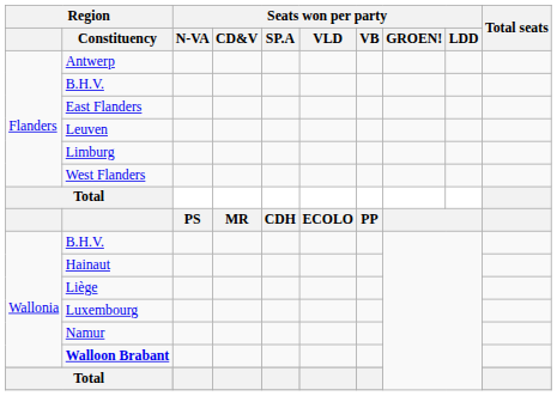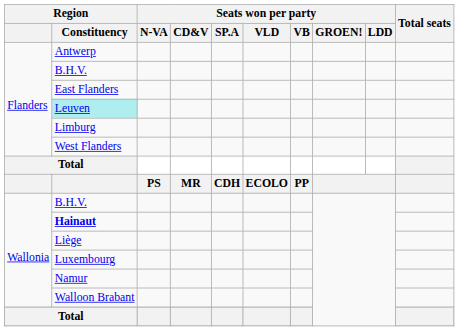 <table class=wikitable style="text-align:center; font-size:93%">
 <tr>
 <th colspan=2>Region</th>
 <th colspan=7>Seats won per party</th>
 <th rowspan=2>Total seats</th>
 </tr>
 <tr>
 <th></th>
 <th>Constituency</th>
 <th>N-VA</th>
 <th>CD&V</th>
 <th>SP.A</th>
 <th>VLD</th>
 <th>VB</th>
 <th>GROEN!</th>
 <th>LDD</th>
 </tr>
 <tr>
 <td align=left rowspan=6><br><a href='#'>Flanders</a></td>
 <td align=left> <a href='#'>Antwerp</a></td>
 <td></td>
 <td></td>
 <td></td>
 <td></td>
 <td></td>
 <td></td>
 <td></td>
 <td></td>
 </tr>
 <tr>
 <td align=left> <a href='#'>B.H.V.</a></td>
 <td></td>
 <td></td>
 <td></td>
 <td></td>
 <td></td>
 <td></td>
 <td></td>
 <td></td>
 </tr>
 <tr>
 <td align=left> <a href='#'>East Flanders</a></td>
 <td></td>
 <td></td>
 <td></td>
 <td></td>
 <td></td>
 <td></td>
 <td></td>
 <td></td>
 </tr>
 <tr>
-<td align=left> <a href='#'>Leuven</a></td>
+<td align=left style="background: paleturquoise;"> <a href='#'>Leuven</a></td>
 <td></td>
 <td></td>
 <td></td>
 <td></td>
 <td></td>
 <td></td>
 <td></td>
 <td></td>
 </tr>
 <tr>
 <td align=left> <a href='#'>Limburg</a></td>
 <td></td>
 <td></td>
 <td></td>
 <td></td>
 <td></td>
 <td></td>
 <td></td>
 <td></td>
 </tr>
 <tr>
 <td align=left> <a href='#'>West Flanders</a></td>
 <td></td>
 <td></td>
 <td></td>
 <td></td>
 <td></td>
 <td></td>
 <td></td>
 <td></td>
 </tr>
 <tr bgcolor="white">
 <th colspan=2>Total</th>
 <td></td>
 <td></td>
 <td></td>
 <td></td>
 <td></td>
 <td></td>
 <td></td>
 <th></th>
 </tr>
 <tr>
 <th></th>
 <th></th>
 <th>PS</th>
 <th>MR</th>
 <th>CDH</th>
 <th>ECOLO</th>
 <th>PP</th>
 <th colspan=2></th>
 <th></th>
 </tr>
 <tr>
 <td align=left rowspan=6><br><a href='#'>Wallonia</a></td>
 <td align=left> <a href='#'>B.H.V.</a></td>
 <td></td>
 <td></td>
 <td></td>
 <td></td>
 <td></td>
 <td colspan=2 rowspan=7></td>
 <td></td>
 </tr>
 <tr>
-<td align=left> <a href='#'>Hainaut</a></td>
+<td align=left><strong> <a href='#'>Hainaut</a></strong></td>
 <td></td>
 <td></td>
 <td></td>
 <td></td>
 <td></td>
 <td></td>
 </tr>
 <tr>
 <td align=left> <a href='#'>Liège</a></td>
 <td></td>
 <td></td>
 <td></td>
 <td></td>
 <td></td>
 <td></td>
 </tr>
 <tr>
 <td align=left> <a href='#'>Luxembourg</a></td>
 <td></td>
 <td></td>
 <td></td>
 <td></td>
 <td></td>
 <td></td>
 </tr>
 <tr>
 <td align=left> <a href='#'>Namur</a></td>
 <td></td>
 <td></td>
 <td></td>
 <td></td>
 <td></td>
 <td></td>
 </tr>
 <tr>
-<td align=left><strong> <a href='#'>Walloon Brabant</a></strong></td>
+<td align=left> <a href='#'>Walloon Brabant</a></td>
 <td></td>
 <td></td>
 <td></td>
 <td></td>
 <td></td>
 <td></td>
 </tr>
 <tr bgcolor="grey">
 <th colspan=2>Total</th>
 <th></th>
 <th></th>
 <th></th>
 <th></th>
 <th></th>
 <th></th>
 </tr>
 </table>
